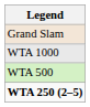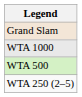 <table class="wikitable" style="font-size:90%;">
 <tr>
 <th>Legend</th>
 </tr>
 <tr>
 <td style="background:#f3e6d7;">Grand Slam</td>
 </tr>
 <tr>
 <td style="background:#e9e9e9;">WTA 1000</td>
 </tr>
 <tr>
 <td style="background:#d4f1c5;">WTA 500</td>
 </tr>
 <tr>
-<td><strong>WTA 250 (2–5)</strong></td>
+<td>WTA 250 (2–5)</td>
 </tr>
 </table>
